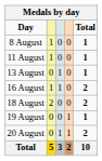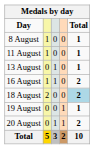 <table class="wikitable" style="font-size:85%; float:right">
 <tr align=center>
 <th colspan=7>Medals by day</th>
 </tr>
 <tr align=center>
 <td><strong>Day</strong></td>
 <td style="background:#f7f6a8;"></td>
 <td style="background:#dce5e5;"></td>
 <td style="background:#ffdab9;"></td>
 <td><strong>Total</strong></td>
 </tr>
 <tr align=center>
 <td>8 August</td>
 <td bgcolor=F7F6A8>1</td>
 <td bgcolor=DCE5E5>0</td>
 <td bgcolor=FFDAB9>0</td>
 <td><strong> 1</strong></td>
 </tr>
 <tr align=center>
 <td>11 August</td>
 <td bgcolor=F7F6A8>1</td>
 <td bgcolor=DCE5E5>0</td>
 <td bgcolor=FFDAB9>0</td>
 <td><strong> 1</strong></td>
 </tr>
 <tr align=center>
 <td>13 August</td>
 <td bgcolor=F7F6A8>0</td>
 <td bgcolor=DCE5E5>1</td>
 <td bgcolor=FFDAB9>0</td>
 <td><strong> 1</strong></td>
 </tr>
 <tr align=center>
 <td>16 August</td>
 <td bgcolor=F7F6A8>1</td>
 <td bgcolor=DCE5E5>1</td>
 <td bgcolor=FFDAB9>0</td>
 <td><strong>2</strong></td>
 </tr>
 <tr align=center>
 <td>18 August</td>
 <td bgcolor=F7F6A8>2</td>
 <td bgcolor=DCE5E5>0</td>
 <td bgcolor=FFDAB9>0</td>
-<td><strong>2</strong></td>
+<td style="background: lightblue;"><strong>2</strong></td>
 </tr>
 <tr align=center>
 <td>19 August</td>
 <td bgcolor=F7F6A8>0</td>
 <td bgcolor=DCE5E5>0</td>
 <td bgcolor=FFDAB9>1</td>
 <td><strong>1</strong></td>
 </tr>
 <tr align=center>
 <td>20 August</td>
 <td bgcolor=F7F6A8>0</td>
 <td bgcolor=DCE5E5>1</td>
 <td bgcolor=FFDAB9>1</td>
 <td><strong>2</strong></td>
 </tr>
 <tr>
 <th>Total</th>
 <th style="background:gold">5</th>
 <th style="background:silver">3</th>
 <th style="background:#c96">2</th>
 <th>10</th>
 </tr>
 </table>
